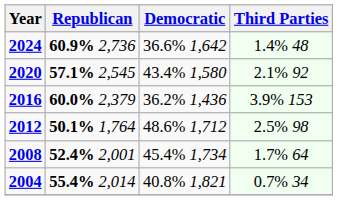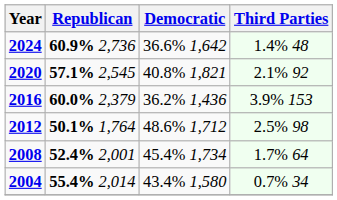 <table class="wikitable" style="float:right; font-size:95%;">
 <tr bgcolor=lightgrey>
 <th>Year</th>
 <th><a href='#'>Republican</a></th>
 <th><a href='#'>Democratic</a></th>
 <th><a href='#'>Third Parties</a></th>
 </tr>
 <tr>
 <td style="text-align:center; "><strong><a href='#'>2024</a></strong></td>
 <td style="text-align:center; "><strong>60.9%</strong> <em>2,736</em></td>
 <td style="text-align:center; ">36.6%  <em>1,642</em></td>
 <td style="text-align:center; background:honeyDew;">1.4% <em>48</em></td>
 </tr>
 <tr>
 <td style="text-align:center; "><strong><a href='#'>2020</a></strong></td>
 <td style="text-align:center; "><strong>57.1%</strong> <em>2,545</em></td>
-<td style="text-align:center; ">43.4%  <em>1,580</em></td>
+<td style="text-align:center; ">40.8%  <em>1,821</em></td>
 <td style="text-align:center; background:honeyDew;">2.1% <em>92</em></td>
 </tr>
 <tr>
 <td style="text-align:center; "><strong><a href='#'>2016</a></strong></td>
 <td style="text-align:center; "><strong>60.0%</strong> <em>2,379</em></td>
 <td style="text-align:center; ">36.2%  <em>1,436</em></td>
 <td style="text-align:center; background:honeyDew;">3.9% <em>153</em></td>
 </tr>
 <tr>
 <td style="text-align:center; "><strong><a href='#'>2012</a></strong></td>
 <td style="text-align:center; "><strong>50.1%</strong> <em>1,764</em></td>
 <td style="text-align:center; ">48.6%  <em>1,712</em></td>
 <td style="text-align:center; background:honeyDew;">2.5% <em>98</em></td>
 </tr>
 <tr>
 <td style="text-align:center; "><strong><a href='#'>2008</a></strong></td>
 <td style="text-align:center; "><strong>52.4%</strong> <em>2,001</em></td>
 <td style="text-align:center; ">45.4%  <em>1,734</em></td>
 <td style="text-align:center; background:honeyDew;">1.7% <em>64</em></td>
 </tr>
 <tr>
 <td style="text-align:center; "><strong><a href='#'>2004</a></strong></td>
 <td style="text-align:center; "><strong>55.4%</strong> <em>2,014</em></td>
-<td style="text-align:center; ">40.8%  <em>1,821</em></td>
+<td style="text-align:center; ">43.4%  <em>1,580</em></td>
 <td style="text-align:center; background:honeyDew;">0.7% <em>34</em></td>
 </tr>
 <tr>
 </tr>
 </table>
